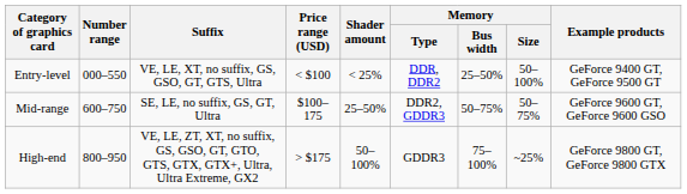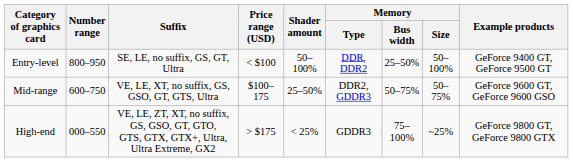 <table class="wikitable" style="text-align:center;">
 <tr>
 <th rowspan=2>Category<br>of graphics card</th>
 <th rowspan=2>Number<br>range</th>
 <th rowspan=2>Suffix</th>
 <th rowspan=2>Price range<br>(USD)</th>
 <th rowspan=2>Shader<br>amount</th>
 <th colspan=3 style="text-align:center;">Memory</th>
 <th rowspan=2>Example products</th>
 </tr>
 <tr>
 <th>Type</th>
 <th>Bus width</th>
 <th>Size</th>
 </tr>
 <tr>
 <td>Entry-level</td>
-<td>000–550</td>
-<td>VE, LE, XT, no suffix, GS, GSO, GT, GTS, Ultra</td>
+<td>800–950</td>
+<td>SE, LE, no suffix, GS, GT, Ultra</td>
 <td>< $100</td>
-<td>< 25%</td>
+<td>50–100%</td>
 <td><a href='#'>DDR</a>, <a href='#'>DDR2</a></td>
 <td>25–50%</td>
 <td>50–100%</td>
 <td>GeForce 9400 GT, GeForce 9500 GT</td>
 </tr>
 <tr>
 <td>Mid-range</td>
 <td>600–750</td>
-<td>SE, LE, no suffix, GS, GT, Ultra</td>
+<td>VE, LE, XT, no suffix, GS, GSO, GT, GTS, Ultra</td>
 <td>$100–175</td>
 <td>25–50%</td>
 <td>DDR2, <a href='#'>GDDR3</a></td>
 <td>50–75%</td>
 <td>50–75%</td>
 <td>GeForce 9600 GT, GeForce 9600 GSO</td>
 </tr>
 <tr>
 <td>High-end</td>
-<td>800–950</td>
+<td>000–550</td>
 <td>VE, LE, ZT, XT, no suffix, GS, GSO, GT, GTO,<br>GTS, GTX, GTX+, Ultra, Ultra Extreme, GX2</td>
 <td>> $175</td>
-<td>50–100%</td>
+<td>< 25%</td>
 <td>GDDR3</td>
 <td>75–100%</td>
 <td>~25%</td>
 <td>GeForce 9800 GT, GeForce 9800 GTX</td>
 </tr>
 </table>
